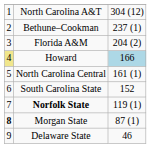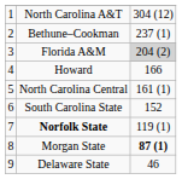 <table class="wikitable">
 <tr align="center">
 </tr>
 <tr align="center">
 <td>1</td>
 <td>North Carolina A&T</td>
 <td>304 (12)</td>
 </tr>
 <tr align="center">
 <td>2</td>
 <td>Bethune–Cookman</td>
 <td>237 (1)</td>
 </tr>
 <tr align="center">
 <td>3</td>
 <td>Florida A&M</td>
-<td>204 (2)</td>
+<td style="background: lightgrey;">204 (2)</td>
 </tr>
 <tr align="center">
-<td style="background: khaki;">4</td>
+<td>4</td>
 <td>Howard</td>
-<td style="background: lightblue;">166</td>
+<td>166</td>
 </tr>
 <tr align="center">
 <td>5</td>
 <td>North Carolina Central</td>
 <td>161 (1)</td>
 </tr>
 <tr align="center">
 <td>6</td>
 <td>South Carolina State</td>
 <td>152</td>
 </tr>
 <tr align="center">
 <td>7</td>
 <td><strong>Norfolk State</strong></td>
 <td>119 (1)</td>
 </tr>
 <tr align="center">
-<td><strong>8</strong></td>
+<td>8</td>
 <td>Morgan State</td>
-<td>87 (1)</td>
+<td><strong>87 (1)</strong></td>
 </tr>
 <tr align="center">
 <td>9</td>
 <td>Delaware State</td>
 <td>46</td>
 </tr>
 </table>
